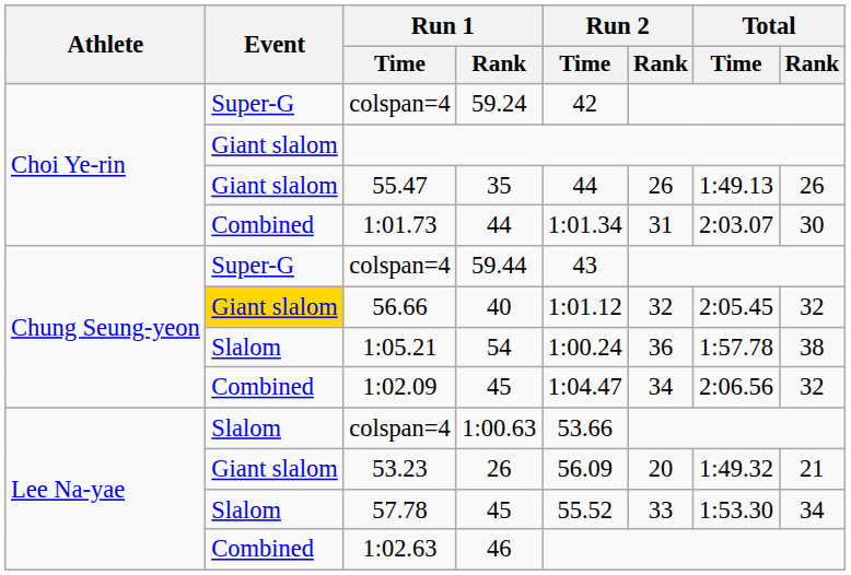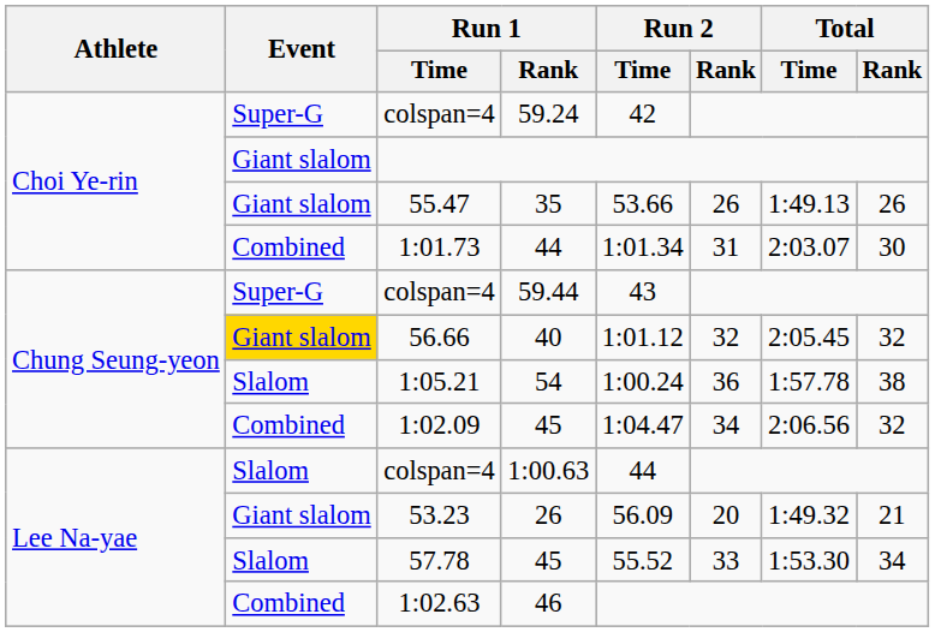 <table class="wikitable" style="font-size:90%">
 <tr>
 <th rowspan=2>Athlete</th>
 <th rowspan=2>Event</th>
 <th colspan=2>Run 1</th>
 <th colspan=2>Run 2</th>
 <th colspan=2>Total</th>
 </tr>
 <tr style="font-size:95%">
 <th>Time</th>
 <th>Rank</th>
 <th>Time</th>
 <th>Rank</th>
 <th>Time</th>
 <th>Rank</th>
 </tr>
 <tr align=center>
 <td align="left" rowspan="4"><a href='#'>Choi Ye-rin</a></td>
 <td align="left"><a href='#'>Super-G</a></td>
 <td>colspan=4</td>
 <td>59.24</td>
 <td>42</td>
 </tr>
 <tr align=center>
 <td align="left"><a href='#'>Giant slalom</a></td>
 <td colspan=6></td>
 </tr>
 <tr align=center>
 <td align="left"><a href='#'>Giant slalom</a></td>
 <td>55.47</td>
 <td>35</td>
-<td>44</td>
+<td>53.66</td>
 <td>26</td>
 <td>1:49.13</td>
 <td>26</td>
 </tr>
 <tr align=center>
 <td align="left"><a href='#'>Combined</a></td>
 <td>1:01.73</td>
 <td>44</td>
 <td>1:01.34</td>
 <td>31</td>
 <td>2:03.07</td>
 <td>30</td>
 </tr>
 <tr align=center>
 <td align="left" rowspan="4"><a href='#'>Chung Seung-yeon</a></td>
 <td align="left"><a href='#'>Super-G</a></td>
 <td>colspan=4</td>
 <td>59.44</td>
 <td>43</td>
 </tr>
 <tr align=center>
 <td align="left" style="background: gold;"><a href='#'>Giant slalom</a></td>
 <td>56.66</td>
 <td>40</td>
 <td>1:01.12</td>
 <td>32</td>
 <td>2:05.45</td>
 <td>32</td>
 </tr>
 <tr align=center>
 <td align="left"><a href='#'>Slalom</a></td>
 <td>1:05.21</td>
 <td>54</td>
 <td>1:00.24</td>
 <td>36</td>
 <td>1:57.78</td>
 <td>38</td>
 </tr>
 <tr align=center>
 <td align="left"><a href='#'>Combined</a></td>
 <td>1:02.09</td>
 <td>45</td>
 <td>1:04.47</td>
 <td>34</td>
 <td>2:06.56</td>
 <td>32</td>
 </tr>
 <tr align=center>
 <td align="left" rowspan="4"><a href='#'>Lee Na-yae</a></td>
 <td align="left"><a href='#'>Slalom</a></td>
 <td>colspan=4</td>
 <td>1:00.63</td>
-<td>53.66</td>
+<td>44</td>
 </tr>
 <tr align=center>
 <td align="left"><a href='#'>Giant slalom</a></td>
 <td>53.23</td>
 <td>26</td>
 <td>56.09</td>
 <td>20</td>
 <td>1:49.32</td>
 <td>21</td>
 </tr>
 <tr align=center>
 <td align="left"><a href='#'>Slalom</a></td>
 <td>57.78</td>
 <td>45</td>
 <td>55.52</td>
 <td>33</td>
 <td>1:53.30</td>
 <td>34</td>
 </tr>
 <tr align=center>
 <td align="left"><a href='#'>Combined</a></td>
 <td>1:02.63</td>
 <td>46</td>
 <td colspan=4></td>
 </tr>
 </table>
